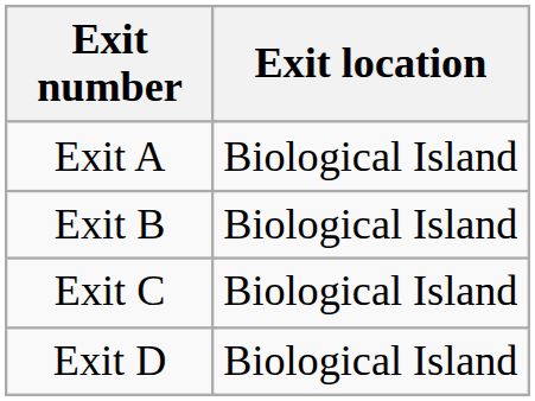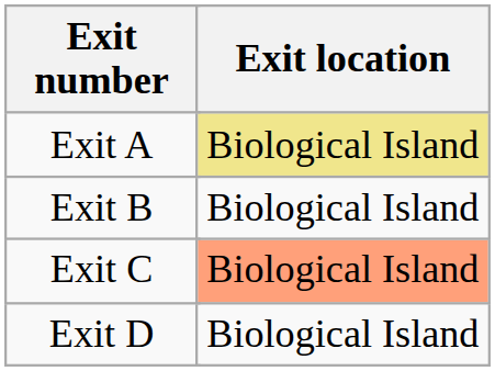 <table class="wikitable">
 <tr>
 <th style="width:70px" colspan="2">Exit number</th>
 <th>Exit location</th>
 </tr>
 <tr>
 <td align="center" colspan="2">Exit A</td>
-<td>Biological Island</td>
+<td style="background: khaki;">Biological Island</td>
 </tr>
 <tr>
 <td align="center" colspan="2">Exit B</td>
 <td>Biological Island</td>
 </tr>
 <tr>
 <td align="center" colspan="2">Exit C</td>
-<td>Biological Island</td>
+<td style="background: lightsalmon;">Biological Island</td>
 </tr>
 <tr>
 <td align="center" colspan="2">Exit D</td>
 <td>Biological Island</td>
 </tr>
 </table>
